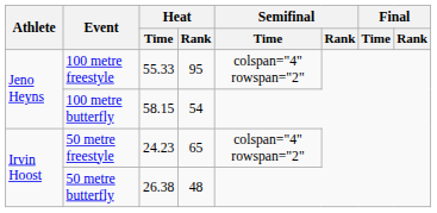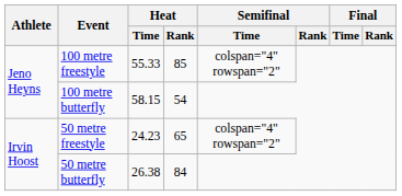 <table class="wikitable" style="text-align:center; font-size:90%; width:50%;">
 <tr>
 <th rowspan="2">Athlete</th>
 <th rowspan="2">Event</th>
 <th colspan="2">Heat</th>
 <th colspan="2">Semifinal</th>
 <th colspan="2">Final</th>
 </tr>
 <tr style="font-size:95%">
 <th>Time</th>
 <th>Rank</th>
 <th>Time</th>
 <th>Rank</th>
 <th>Time</th>
 <th>Rank</th>
 </tr>
 <tr align=center>
 <td align=left rowspan="2"><a href='#'>Jeno Heyns</a></td>
 <td align=left><a href='#'>100 metre freestyle</a></td>
 <td>55.33</td>
-<td>95</td>
+<td>85</td>
 <td>colspan="4" rowspan="2"</td>
 </tr>
 <tr align=center>
 <td align=left><a href='#'>100 metre butterfly</a></td>
 <td>58.15</td>
 <td>54</td>
 </tr>
 <tr align=center>
 <td align=left rowspan="2"><a href='#'>Irvin Hoost</a></td>
 <td align=left><a href='#'>50 metre freestyle</a></td>
 <td>24.23</td>
 <td>65</td>
 <td>colspan="4" rowspan="2"</td>
 </tr>
 <tr align=center>
 <td align=left><a href='#'>50 metre butterfly</a></td>
 <td>26.38</td>
-<td>48</td>
+<td>84</td>
 </tr>
 </table>
